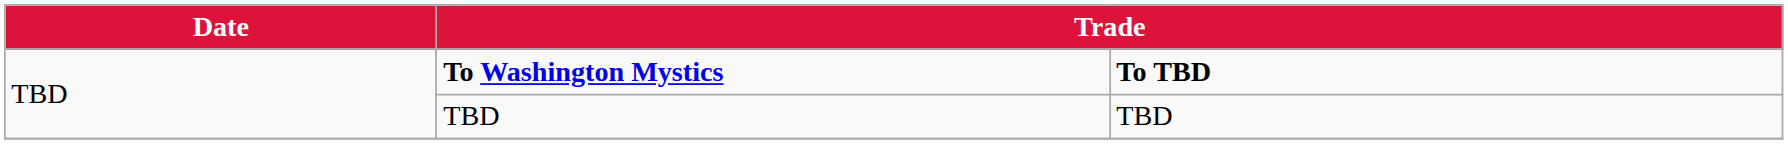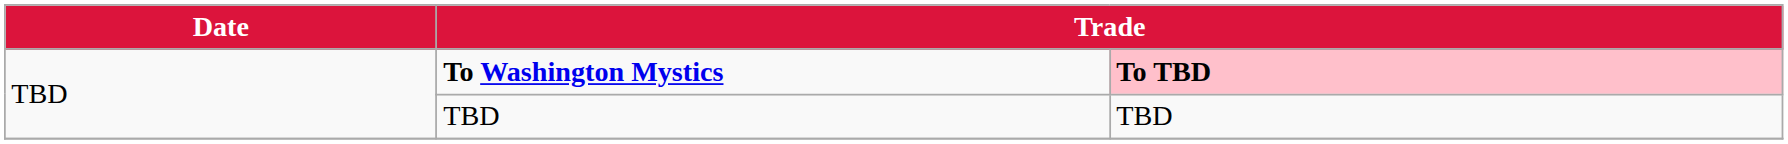 <table class="wikitable" style="width:80%">
 <tr>
 <th style="background:#DC143C;color:white; width=125">Date</th>
 <th style="background:#DC143C;color:white;" colspan=2>Trade</th>
 </tr>
 <tr>
 <td rowspan=2>TBD</td>
 <td width=375><strong>To <a href='#'>Washington Mystics</a></strong></td>
-<td width=375><strong>To TBD</strong></td>
+<td width=375 style="background: pink;"><strong>To TBD</strong></td>
 </tr>
 <tr>
 <td>TBD</td>
 <td>TBD</td>
 </tr>
 <tr>
 </tr>
 </table>
